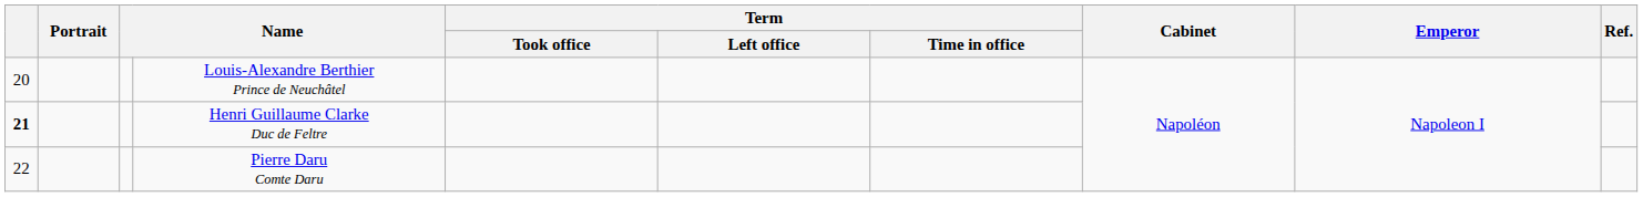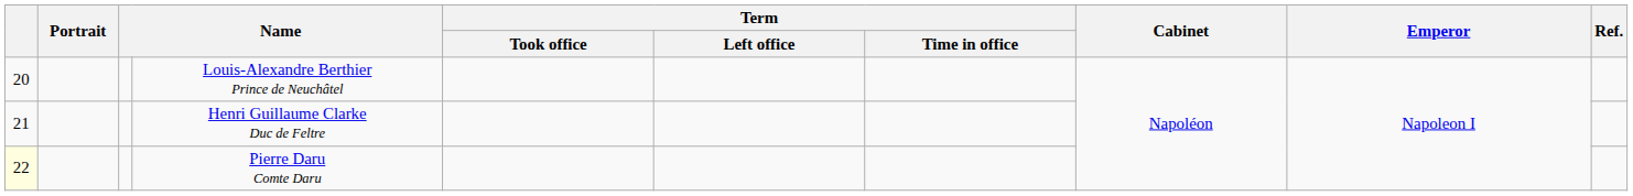 <table class="wikitable" style="text-align:center; width:100%">
 <tr>
 <th style="width:2%" rowspan=2></th>
 <th style="width:5%" rowspan=2>Portrait</th>
 <th style="width:20%" rowspan=2, colspan=2>Name</th>
 <th colspan=3>Term</th>
 <th style="width:13%" rowspan=2>Cabinet</th>
 <th rowspan=2><a href='#'>Emperor</a></th>
 <th style="width:2%" rowspan=2>Ref.</th>
 </tr>
 <tr>
 <th style="width:13%">Took office</th>
 <th style="width:13%">Left office</th>
 <th style="width:13%">Time in office</th>
 </tr>
 <tr>
 <td>20</td>
 <td></td>
 <td style="background:"></td>
 <td><a href='#'>Louis-Alexandre Berthier</a><br><small><em>Prince de Neuchâtel</em></small></td>
 <td></td>
 <td></td>
 <td></td>
 <td rowspan=3><a href='#'>Napoléon</a></td>
 <td rowspan=3><a href='#'>Napoleon I</a></td>
 <td></td>
 </tr>
 <tr>
-<td><strong>21</strong></td>
+<td>21</td>
 <td></td>
 <td style="background:"></td>
 <td><a href='#'>Henri Guillaume Clarke</a><br><small><em>Duc de Feltre</em></small></td>
 <td></td>
 <td></td>
 <td></td>
 <td></td>
 </tr>
 <tr>
-<td>22</td>
+<td style="background: lightyellow;">22</td>
 <td></td>
 <td style="background:"></td>
 <td><a href='#'>Pierre Daru</a><br><small><em>Comte Daru</em></small></td>
 <td></td>
 <td></td>
 <td></td>
 <td></td>
 </tr>
 </table>
